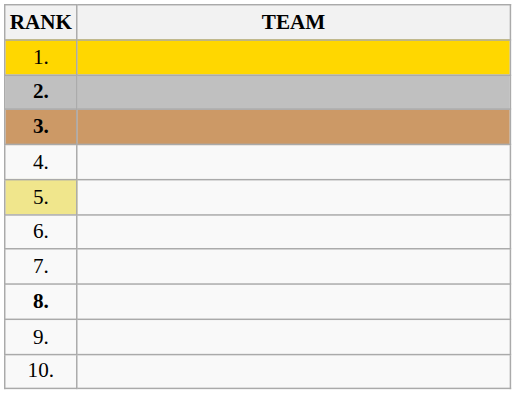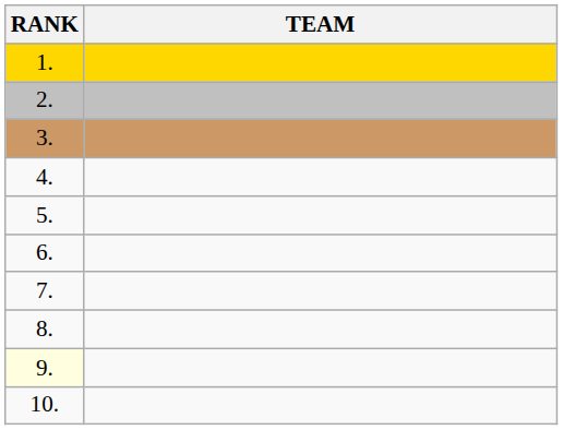 <table class="wikitable" style="border-collapse: collapse; font-size: 90%;">
 <tr>
 <th>RANK</th>
 <th align="center" style="width: 20em">TEAM</th>
 </tr>
 <tr bgcolor=gold>
 <td align="center">1.</td>
 <td></td>
 </tr>
 <tr bgcolor=silver>
-<td align="center"><strong>2.</strong></td>
+<td align="center">2.</td>
 <td></td>
 </tr>
 <tr bgcolor=#cc9966>
-<td align="center"><strong>3.</strong></td>
+<td align="center">3.</td>
 <td></td>
 </tr>
 <tr>
 <td align="center">4.</td>
 <td></td>
 </tr>
 <tr>
-<td align="center" style="background: khaki;">5.</td>
+<td align="center">5.</td>
 <td></td>
 </tr>
 <tr>
 <td align="center">6.</td>
 <td></td>
 </tr>
 <tr>
 <td align="center">7.</td>
 <td></td>
 </tr>
 <tr>
-<td align="center"><strong>8.</strong></td>
+<td align="center">8.</td>
 <td></td>
 </tr>
 <tr>
-<td align="center">9.</td>
+<td align="center" style="background: lightyellow;">9.</td>
 <td></td>
 </tr>
 <tr>
 <td align="center">10.</td>
 <td></td>
 </tr>
 </table>
